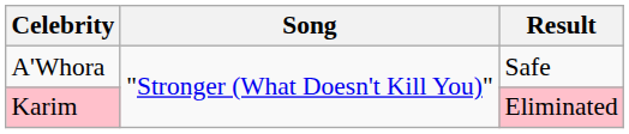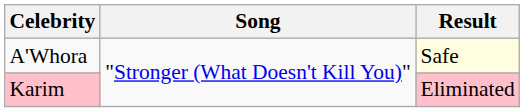 <table class="wikitable sortable collapsed">
 <tr>
 <th>Celebrity</th>
 <th>Song</th>
 <th>Result</th>
 </tr>
 <tr>
 <td>A'Whora</td>
 <td rowspan=2>"<a href='#'>Stronger (What Doesn't Kill You)</a>"</td>
-<td>Safe</td>
+<td style="background: lightyellow;">Safe</td>
 </tr>
 <tr>
 <td style="background:pink;">Karim</td>
 <td style="background:pink;">Eliminated</td>
 </tr>
 </table>
